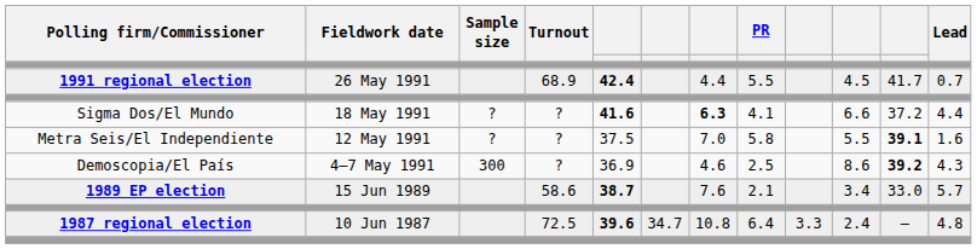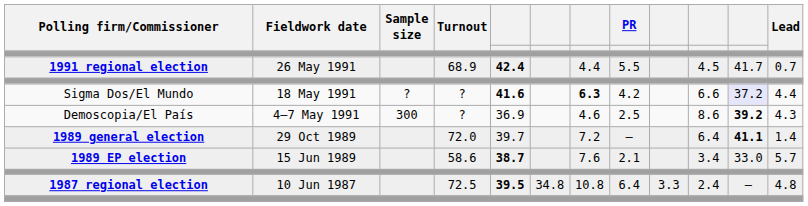 <table class="wikitable collapsible collapsed" style="text-align:center; font-size:95%; line-height:16px;">
 <tr style="height:42px;">
 <th style="width:250px;" rowspan="2">Polling firm/Commissioner</th>
 <th style="width:125px;" rowspan="2">Fieldwork date</th>
 <th style="width:50px;" rowspan="2">Sample size</th>
 <th style="width:45px;" rowspan="2">Turnout</th>
 <th style="width:35px;"></th>
 <th style="width:35px;"></th>
 <th style="width:35px;"></th>
 <th style="width:35px;"><a href='#'>PR</a></th>
 <th style="width:35px;"></th>
 <th style="width:35px;"></th>
 <th style="width:35px;"></th>
 <th style="width:30px;" rowspan="2">Lead</th>
 </tr>
 <tr>
 <th style="color:inherit;background:"></th>
 <th style="color:inherit;background:"></th>
 <th style="color:inherit;background:"></th>
 <th style="color:inherit;background:"></th>
 <th style="color:inherit;background:"></th>
 <th style="color:inherit;background:"></th>
 <th style="color:inherit;background:"></th>
 </tr>
 <tr>
 <td colspan="12" style="background:#A0A0A0"></td>
 </tr>
 <tr style="background:#EFEFEF;">
 <td><strong><a href='#'>1991 regional election</a></strong></td>
 <td>26 May 1991</td>
 <td></td>
 <td>68.9</td>
 <td><strong>42.4</strong><br></td>
 <td></td>
 <td>4.4<br></td>
 <td>5.5<br></td>
 <td></td>
 <td>4.5<br></td>
 <td>41.7<br></td>
 <td style="background:">0.7</td>
 </tr>
 <tr>
 <td colspan="12" style="background:#A0A0A0"></td>
 </tr>
 <tr>
 <td>Sigma Dos/El Mundo</td>
 <td>18 May 1991</td>
 <td>?</td>
 <td>?</td>
 <td><strong>41.6</strong><br></td>
 <td></td>
 <td><strong>6.3<br></strong></td>
-<td>4.1<br></td>
+<td>4.2<br></td>
 <td></td>
 <td>6.6<br></td>
-<td>37.2<br></td>
+<td style="background: lavender;">37.2<br></td>
 <td style="background:">4.4</td>
-</tr>
-<tr>
-<td>Metra Seis/El Independiente</td>
-<td>12 May 1991</td>
-<td>?</td>
-<td>?</td>
-<td>37.5<br></td>
-<td></td>
-<td>7.0<br></td>
-<td>5.8<br></td>
-<td></td>
-<td>5.5<br></td>
-<td><strong>39.1</strong><br></td>
-<td style="background:">1.6</td>
 </tr>
 <tr>
 <td>Demoscopia/El País</td>
 <td>4–7 May 1991</td>
 <td>300</td>
 <td>?</td>
 <td>36.9<br></td>
 <td></td>
 <td>4.6<br></td>
 <td>2.5<br></td>
 <td></td>
 <td>8.6<br></td>
 <td><strong>39.2</strong><br></td>
 <td style="background:">4.3</td>
+</tr>
+<tr style="background:#EFEFEF;">
+<td><strong><a href='#'>1989 general election</a></strong></td>
+<td>29 Oct 1989</td>
+<td></td>
+<td>72.0</td>
+<td>39.7<br></td>
+<td></td>
+<td>7.2<br></td>
+<td>–</td>
+<td></td>
+<td>6.4<br></td>
+<td><strong>41.1</strong><br></td>
+<td style="background:">1.4</td>
 </tr>
 <tr style="background:#EFEFEF;">
 <td><strong><a href='#'>1989 EP election</a></strong></td>
 <td>15 Jun 1989</td>
 <td></td>
 <td>58.6</td>
 <td><strong>38.7</strong><br></td>
 <td></td>
 <td>7.6<br></td>
 <td>2.1<br></td>
 <td></td>
 <td>3.4<br></td>
 <td>33.0<br></td>
 <td style="background:">5.7</td>
 </tr>
 <tr>
 <td colspan="12" style="background:#A0A0A0"></td>
 </tr>
 <tr style="background:#EFEFEF;">
 <td><strong><a href='#'>1987 regional election</a></strong></td>
 <td>10 Jun 1987</td>
 <td></td>
 <td>72.5</td>
-<td><strong>39.6</strong><br></td>
-<td>34.7<br></td>
+<td><strong>39.5</strong><br></td>
+<td>34.8<br></td>
 <td>10.8<br></td>
 <td>6.4<br></td>
 <td>3.3<br></td>
 <td>2.4<br></td>
 <td>–</td>
 <td style="background:">4.8</td>
 </tr>
 <tr>
 <td colspan="12" style="background:#A0A0A0"></td>
 </tr>
 </table>
